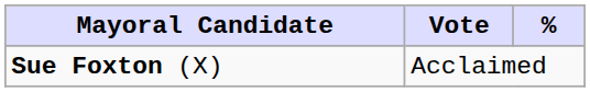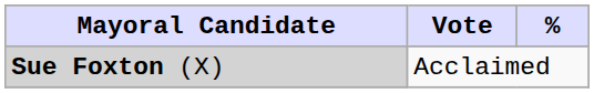 <table class="wikitable">
 <tr>
 <th style="background:#ddf; width:200px;">Mayoral Candidate</th>
 <th style="background:#ddf; width:50px;">Vote</th>
 <th style="background:#ddf; width:30px;">%</th>
 </tr>
 <tr>
-<td><strong>Sue Foxton</strong> (X)</td>
+<td style="background: lightgrey;"><strong>Sue Foxton</strong> (X)</td>
 <td colspan="2">Acclaimed</td>
 </tr>
 </table>
